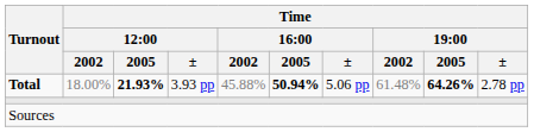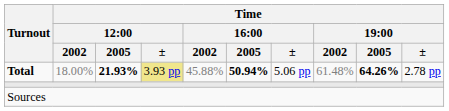 <table class="wikitable sortable" style="text-align:right;">
 <tr>
 <th rowspan="3">Turnout</th>
 <th colspan="9">Time</th>
 </tr>
 <tr>
 <th colspan="3">12:00</th>
 <th colspan="3">16:00</th>
 <th colspan="3">19:00</th>
 </tr>
 <tr>
 <th>2002</th>
 <th>2005</th>
 <th>±</th>
 <th>2002</th>
 <th>2005</th>
 <th>±</th>
 <th>2002</th>
 <th>2005</th>
 <th>±</th>
 </tr>
 <tr>
 <td align="left"><strong>Total</strong></td>
 <td style="color:gray;">18.00%</td>
 <td><strong>21.93%</strong></td>
-<td> 3.93 <a href='#'>pp</a></td>
+<td style="background: khaki;"> 3.93 <a href='#'>pp</a></td>
 <td style="color:gray;">45.88%</td>
 <td><strong>50.94%</strong></td>
 <td> 5.06 <a href='#'>pp</a></td>
 <td style="color:gray;">61.48%</td>
 <td><strong>64.26%</strong></td>
 <td> 2.78 <a href='#'>pp</a></td>
 </tr>
 <tr>
 <td colspan="10" bgcolor="#E9E9E9"></td>
 </tr>
 <tr>
 <td align="left" colspan="10">Sources</td>
 </tr>
 </table>
